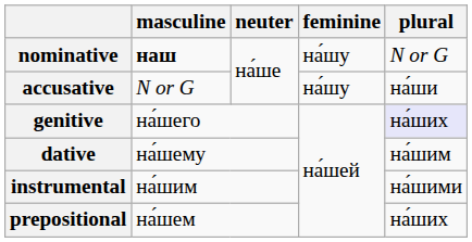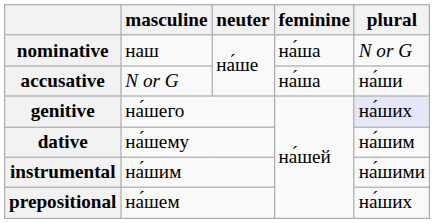 <table class="wikitable" style="display: inline-table;">
 <tr>
 <th></th>
 <th>masculine</th>
 <th>neuter</th>
 <th>feminine</th>
 <th>plural</th>
 </tr>
 <tr>
 <th>nominative</th>
-<td><strong>наш</strong></td>
+<td>наш</td>
 <td rowspan="2">на́ше</td>
-<td>на́шу</td>
+<td>на́ша</td>
 <td><em>N or G</em></td>
 </tr>
 <tr>
 <th>accusative</th>
 <td><em>N or G</em></td>
-<td>на́шу</td>
+<td>на́ша</td>
 <td>на́ши</td>
 </tr>
 <tr>
 <th>genitive</th>
 <td colspan="2">на́шего</td>
 <td rowspan="4">на́шей</td>
 <td style="background: lavender;">на́ших</td>
 </tr>
 <tr>
 <th>dative</th>
 <td colspan="2">на́шему</td>
 <td>на́шим</td>
 </tr>
 <tr>
 <th>instrumental</th>
 <td colspan="2">на́шим</td>
 <td>на́шими</td>
 </tr>
 <tr>
 <th>prepositional</th>
 <td colspan="2">на́шем</td>
 <td>на́ших</td>
 </tr>
 </table>
